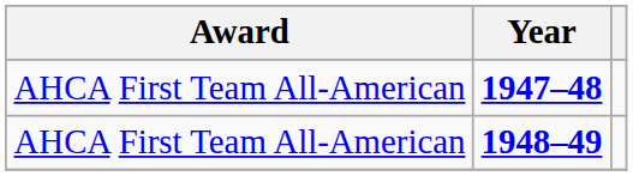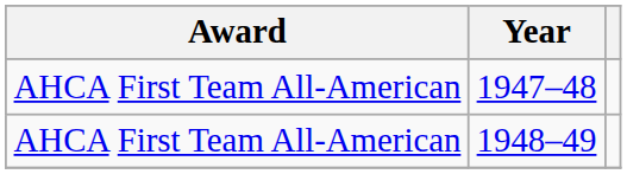 <table class="wikitable">
 <tr>
 <th>Award</th>
 <th>Year</th>
 <th></th>
 </tr>
 <tr>
 <td><a href='#'>AHCA</a> <a href='#'>First Team All-American</a></td>
-<td><strong><a href='#'>1947–48</a></strong></td>
+<td><a href='#'>1947–48</a></td>
 <td></td>
 </tr>
 <tr>
 <td><a href='#'>AHCA</a> <a href='#'>First Team All-American</a></td>
-<td><strong><a href='#'>1948–49</a></strong></td>
+<td><a href='#'>1948–49</a></td>
 <td></td>
 </tr>
 <tr>
 </tr>
 </table>
